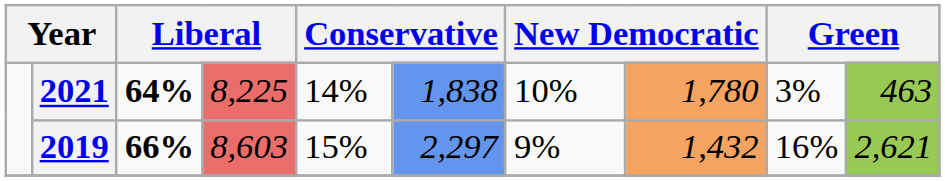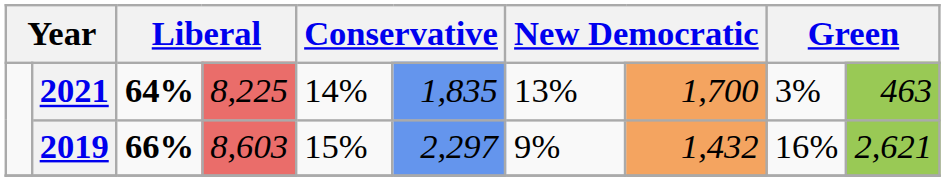 <table class="wikitable" style="width:400; font-size:90%; margin-left:1em;">
 <tr>
 <th colspan="2" scope="col">Year</th>
 <th colspan="2" scope="col"><a href='#'>Liberal</a></th>
 <th colspan="2" scope="col"><a href='#'>Conservative</a></th>
 <th colspan="2" scope="col"><a href='#'>New Democratic</a></th>
 <th colspan="2" scope="col"><a href='#'>Green</a></th>
 </tr>
 <tr>
 <td rowspan="2" style="width: 0.25em; background-color: "></td>
 <th><a href='#'>2021</a></th>
 <td><strong>64%</strong></td>
 <td style="text-align:right; background:#EA6D6A;"><em>8,225</em></td>
 <td>14%</td>
-<td style="text-align:right; background:#6495ED;"><em>1,838</em></td>
-<td>10%</td>
-<td style="text-align:right; background:#F4A460;"><em>1,780</em></td>
+<td style="text-align:right; background:#6495ED;"><em>1,835</em></td>
+<td>13%</td>
+<td style="text-align:right; background:#F4A460;"><em>1,700</em></td>
 <td>3%</td>
 <td style="text-align:right; background:#99C955;"><em>463</em></td>
 </tr>
 <tr>
 <th><a href='#'>2019</a></th>
 <td><strong>66%</strong></td>
 <td style="text-align:right; background:#EA6D6A;"><em>8,603</em></td>
 <td>15%</td>
 <td style="text-align:right; background:#6495ED;"><em>2,297</em></td>
 <td>9%</td>
 <td style="text-align:right; background:#F4A460;"><em>1,432</em></td>
 <td>16%</td>
 <td style="text-align:right; background:#99C955;"><em>2,621</em></td>
 </tr>
 <tr>
 </tr>
 </table>
